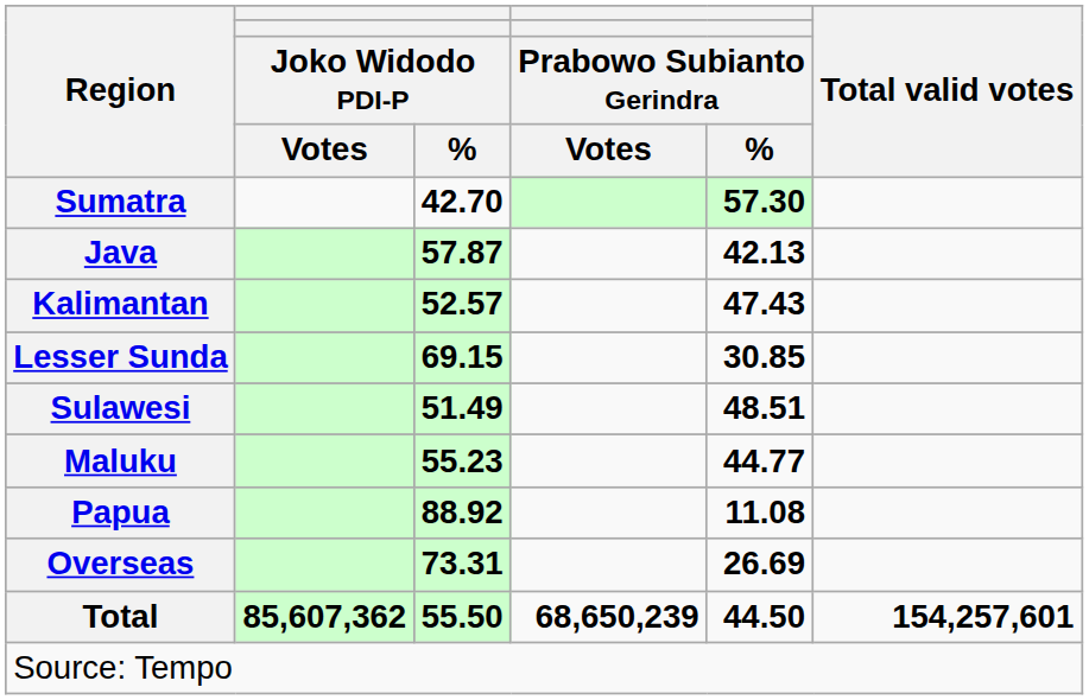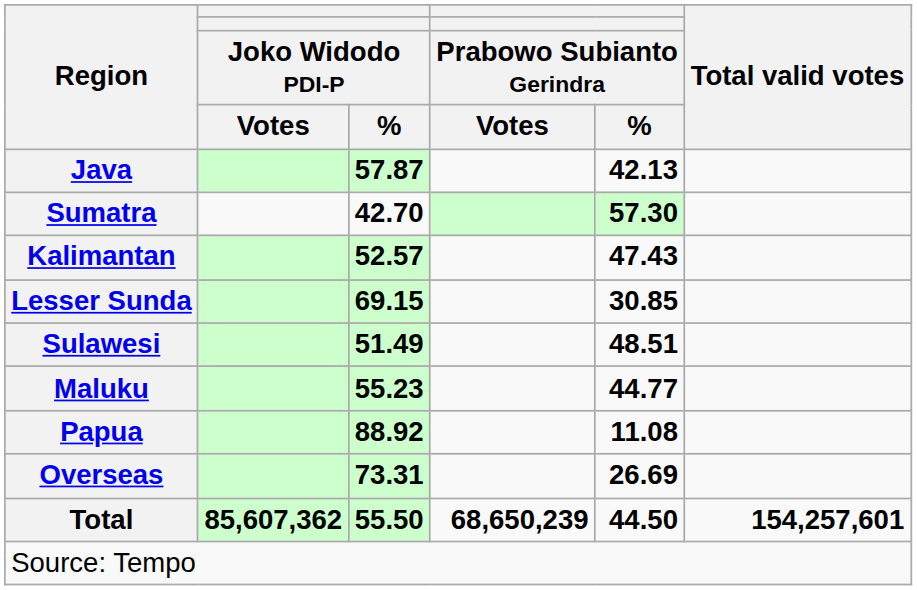 <table class="wikitable sortable" style=text-align:right>
 <tr>
 <th rowspan="4">Region</th>
 <th colspan="2"></th>
 <th colspan="2"></th>
 <th rowspan="4">Total valid votes</th>
 </tr>
 <tr>
 <th colspan="2" style="background:"></th>
 <th colspan="2" style="background:"></th>
 </tr>
 <tr>
 <th colspan="2">Joko Widodo<br><small>PDI-P</small></th>
 <th colspan="2">Prabowo Subianto<br><small>Gerindra</small></th>
 </tr>
 <tr>
 <th>Votes</th>
 <th>%</th>
 <th>Votes</th>
 <th>%</th>
 </tr>
 <tr align="right">
+<th><a href='#'>Java</a></th>
+<td style="background:#cfc;"></td>
+<td style="background:#cfc;"><strong>57.87</strong></td>
+<td></td>
+<td><strong>42.13</strong></td>
+<td></td>
+</tr>
+<tr align="right">
 <th><a href='#'>Sumatra</a></th>
 <td></td>
 <td><strong>42.70</strong></td>
 <td style="background:#cfc;"></td>
 <td style="background:#cfc;"><strong>57.30</strong></td>
-<td></td>
-</tr>
-<tr align="right">
-<th><a href='#'>Java</a></th>
-<td style="background:#cfc;"></td>
-<td style="background:#cfc;"><strong>57.87</strong></td>
-<td></td>
-<td><strong>42.13</strong></td>
 <td></td>
 </tr>
 <tr align="right">
 <th><a href='#'>Kalimantan</a></th>
 <td style="background:#cfc;"></td>
 <td style="background:#cfc;"><strong>52.57</strong></td>
 <td></td>
 <td><strong>47.43</strong></td>
 <td></td>
 </tr>
 <tr align="right">
 <th><a href='#'>Lesser Sunda</a></th>
 <td style="background:#cfc;"></td>
 <td style="background:#cfc;"><strong>69.15</strong></td>
 <td></td>
 <td><strong>30.85</strong></td>
 <td></td>
 </tr>
 <tr align="right">
 <th><a href='#'>Sulawesi</a></th>
 <td style="background:#cfc;"></td>
 <td style="background:#cfc;"><strong>51.49</strong></td>
 <td></td>
 <td><strong>48.51</strong></td>
 <td></td>
 </tr>
 <tr align="right">
 <th><a href='#'>Maluku</a></th>
 <td style="background:#cfc;"></td>
 <td style="background:#cfc;"><strong>55.23</strong></td>
 <td></td>
 <td><strong>44.77</strong></td>
 <td></td>
 </tr>
 <tr align="right">
 <th><a href='#'>Papua</a></th>
 <td style="background:#cfc;"></td>
 <td style="background:#cfc;"><strong>88.92</strong></td>
 <td></td>
 <td><strong>11.08</strong></td>
 <td></td>
 </tr>
 <tr align="right">
 <th><a href='#'>Overseas</a></th>
 <td style="background:#cfc;"></td>
 <td style="background:#cfc;"><strong>73.31</strong></td>
 <td></td>
 <td><strong>26.69</strong></td>
 <td></td>
 </tr>
 <tr align="right">
 <th>Total</th>
 <td style="background:#cfc;"><strong>85,607,362</strong></td>
 <td style="background:#cfc;"><strong>55.50</strong></td>
 <td><strong>68,650,239</strong></td>
 <td><strong>44.50</strong></td>
 <td><strong>154,257,601</strong></td>
 </tr>
 <tr class=sortbottom>
 <td colspan=6 align=left>Source: Tempo</td>
 </tr>
 </table>
